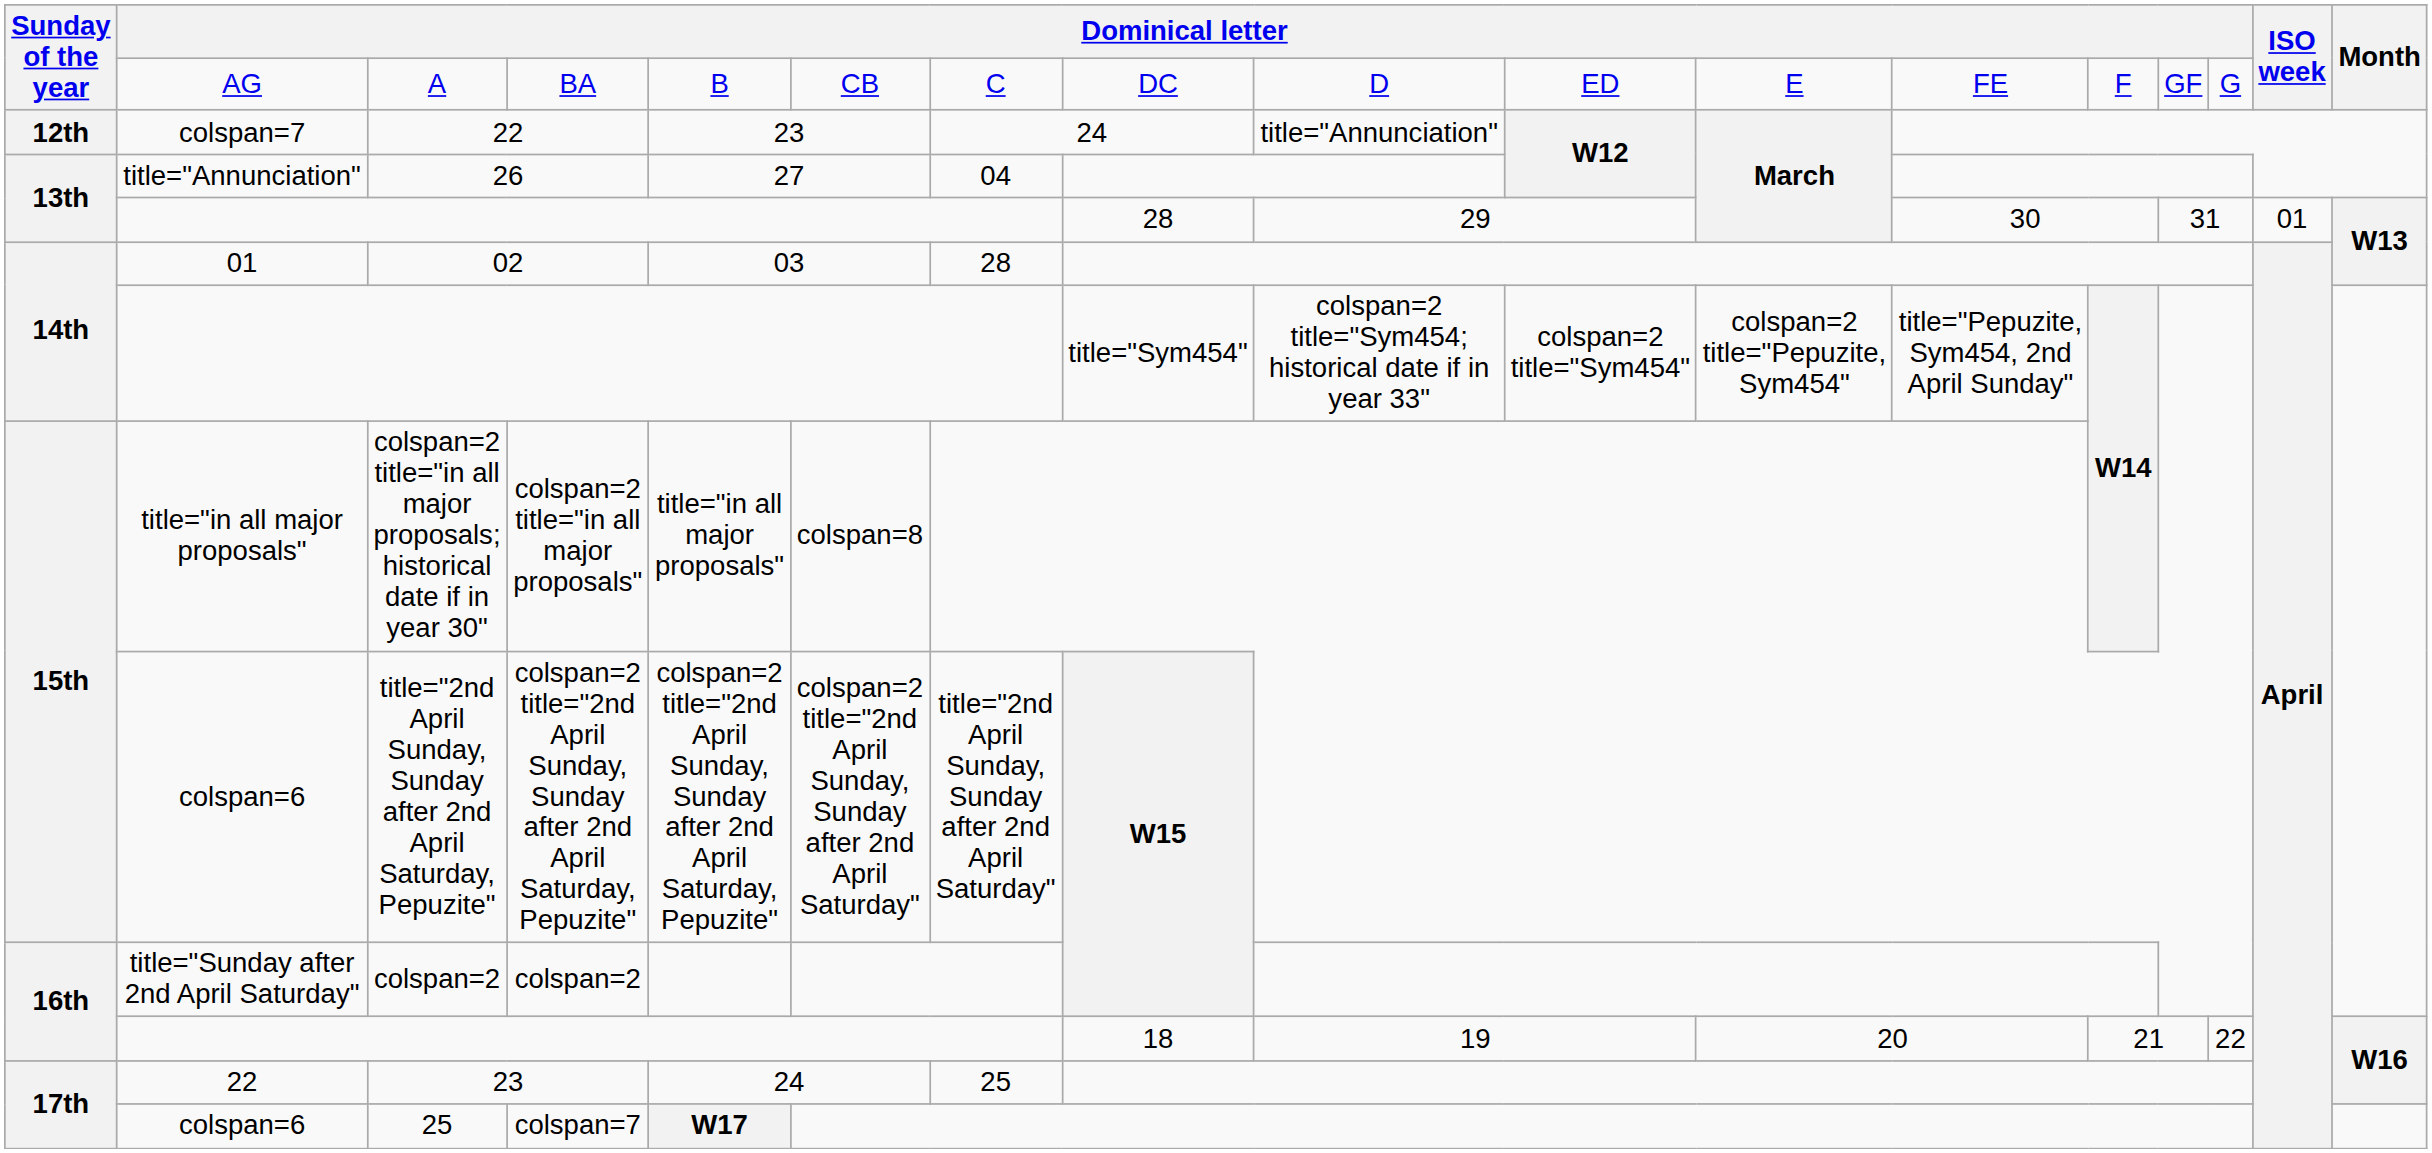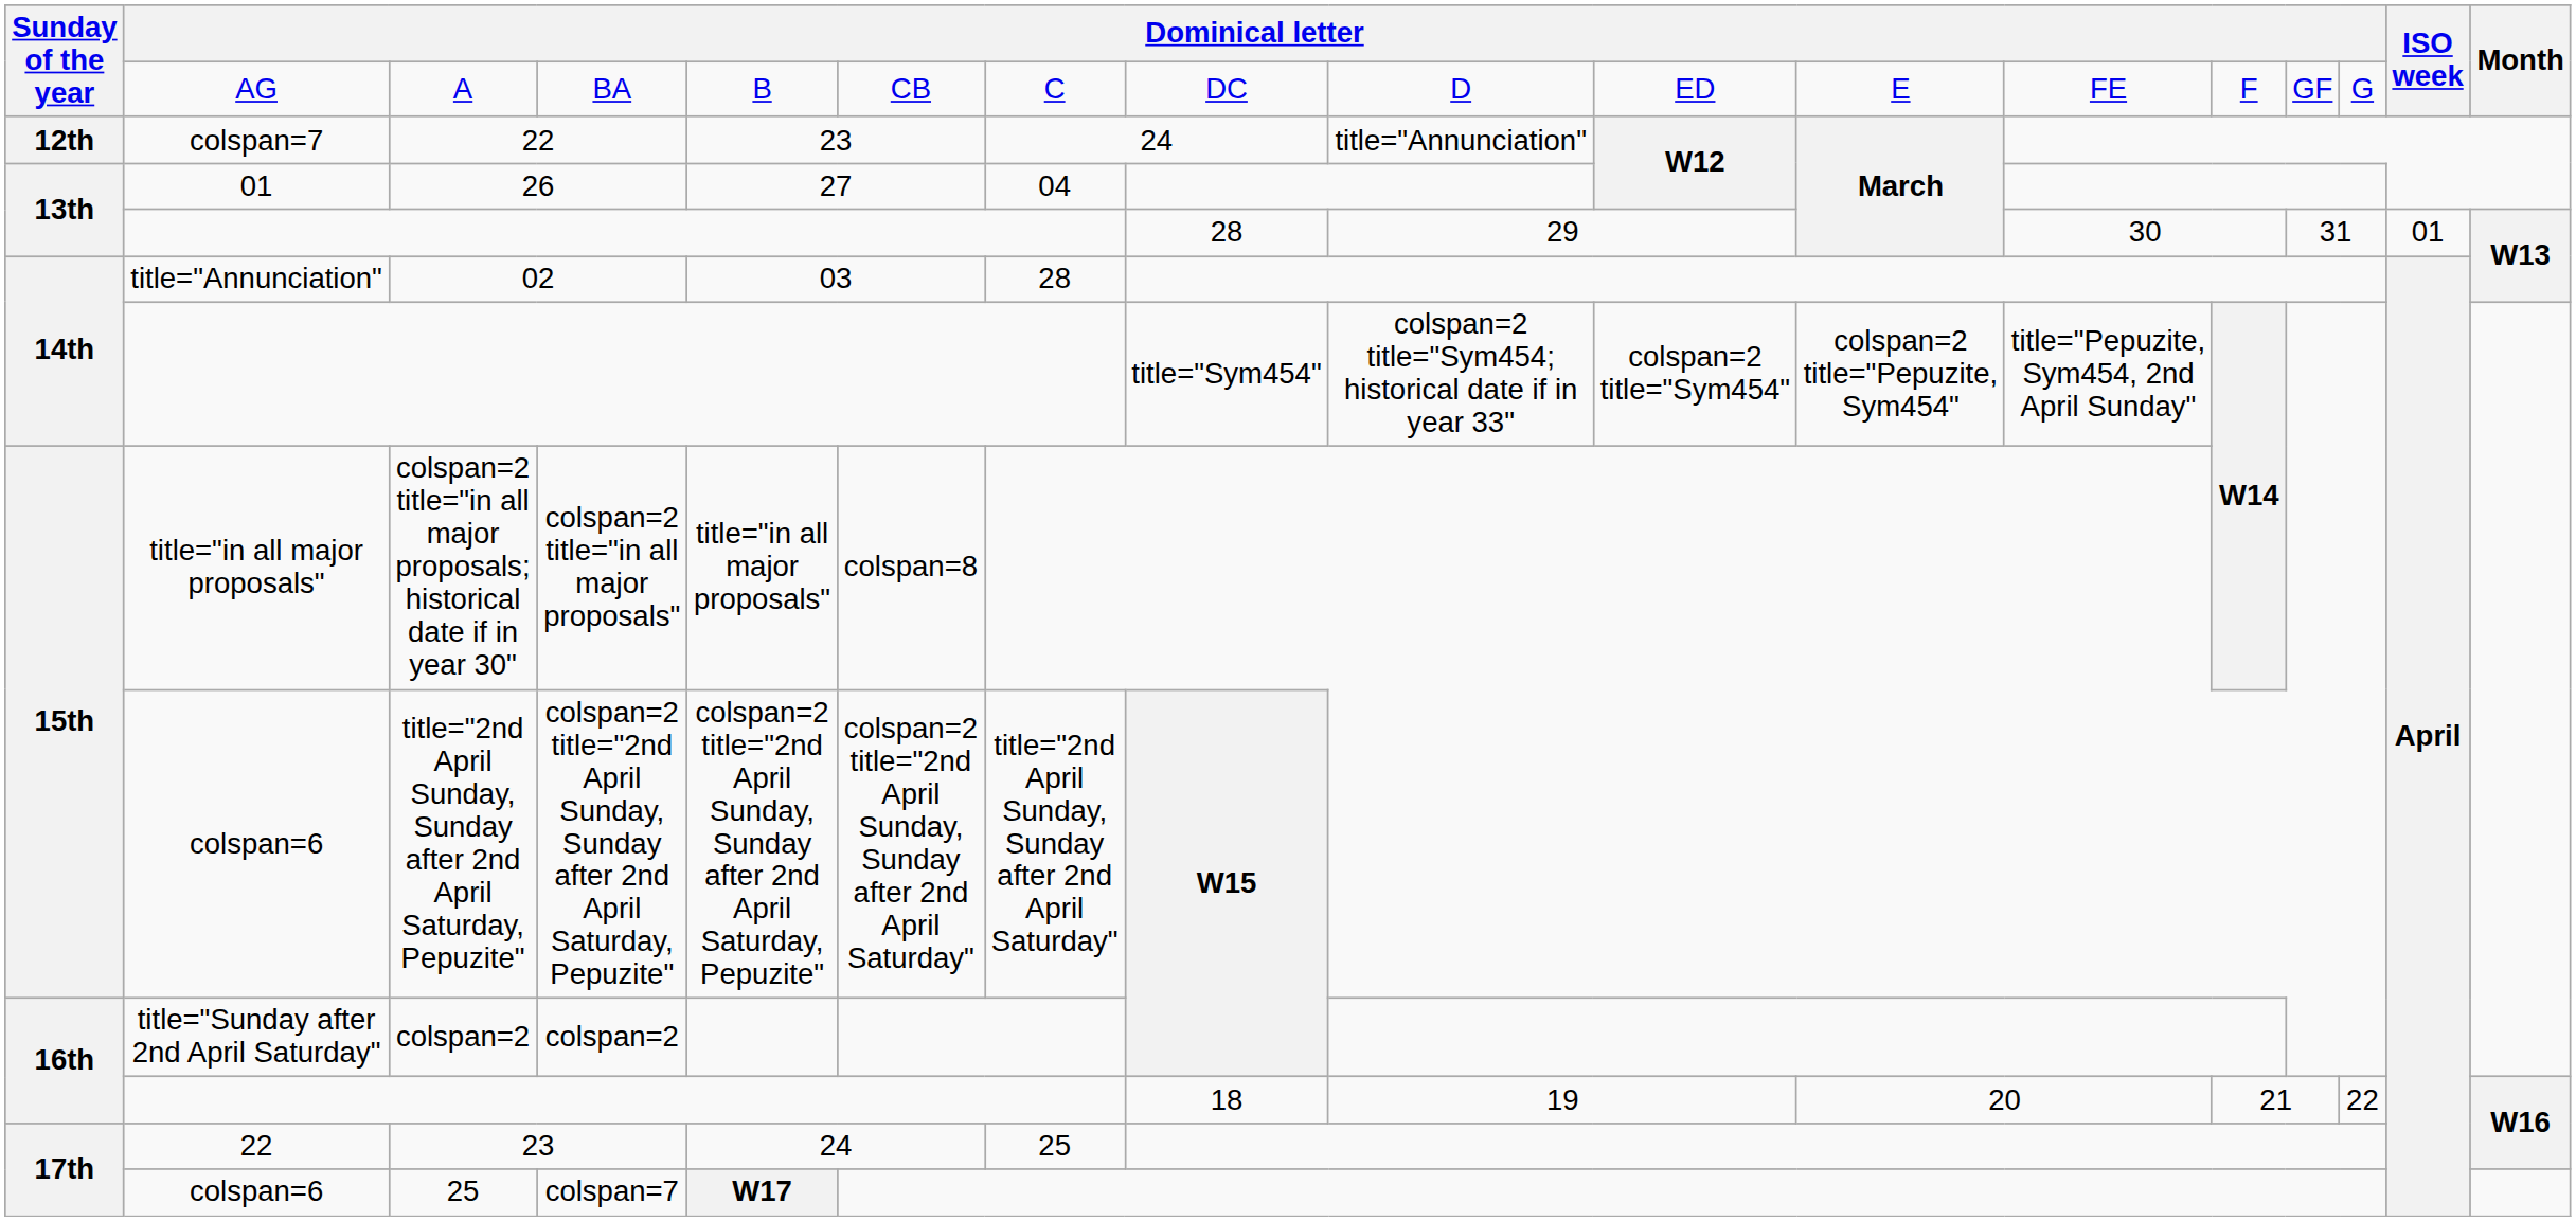 <table class="wikitable" style="text-align:center;">
 <tr>
 <th scope=col rowspan=2 style="width:10%"><a href='#'>Sunday of the year</a></th>
 <th scope=col colspan=14><a href='#'>Dominical letter</a></th>
 <th scope=col rowspan=2 style="width:10%"><a href='#'>ISO week</a></th>
 <th scope=col rowspan=2 style="width:10%">Month</th>
 </tr>
 <tr>
 <td style="width:2.5%"><a href='#'>AG</a></td>
 <td style="width:7.5%"><a href='#'>A</a></td>
 <td style="width:2.5%"><a href='#'>BA</a></td>
 <td style="width:7.5%"><a href='#'>B</a></td>
 <td style="width:2.5%"><a href='#'>CB</a></td>
 <td style="width:7.5%"><a href='#'>C</a></td>
 <td style="width:2.5%"><a href='#'>DC</a></td>
 <td style="width:7.5%"><a href='#'>D</a></td>
 <td style="width:2.5%"><a href='#'>ED</a></td>
 <td style="width:7.5%"><a href='#'>E</a></td>
 <td style="width:2.5%"><a href='#'>FE</a></td>
 <td style="width:7.5%"><a href='#'>F</a></td>
 <td style="width:2.5%"><a href='#'>GF</a></td>
 <td style="width:7.5%"><a href='#'>G</a></td>
 </tr>
 <tr>
 <th>12th</th>
 <td>colspan=7 </td>
 <td colspan=2>22</td>
 <td colspan=2>23</td>
 <td colspan=2>24</td>
 <td>title="Annunciation" </td>
 <th rowspan=2 title="Q1-W13, M03-W4">W12</th>
 <th rowspan=3 scope=rowgroup>March</th>
 </tr>
 <tr>
 <th rowspan=2>13th</th>
-<td>title="Annunciation" </td>
+<td>01</td>
 <td colspan=2>26</td>
 <td colspan=2>27</td>
 <td>04</td>
 <td colspan=8></td>
 </tr>
 <tr>
 <td colspan=6></td>
 <td>28</td>
 <td colspan=2>29</td>
 <td colspan=2>30</td>
 <td colspan=2>31</td>
 <td>01</td>
 <th rowspan=2 title="Q1-W13, M04-W1">W13</th>
 </tr>
 <tr>
 <th rowspan=2>14th</th>
-<td>01</td>
+<td>title="Annunciation" </td>
 <td colspan=2>02</td>
 <td colspan=2>03</td>
 <td>28</td>
 <td colspan=8></td>
 <th rowspan=8 scope=rowgroup>April</th>
 </tr>
 <tr>
 <td colspan=6></td>
 <td>title="Sym454" </td>
 <td>colspan=2 title="Sym454; historical date if in year 33" </td>
 <td>colspan=2 title="Sym454" </td>
 <td>colspan=2 title="Pepuzite, Sym454" </td>
 <td>title="Pepuzite, Sym454, 2nd April Sunday" </td>
 <th rowspan=2 title="Q2-W01, M04-W2">W14</th>
 </tr>
 <tr>
 <th rowspan=2>15th</th>
 <td>title="in all major proposals" </td>
 <td>colspan=2 title="in all major proposals; historical date if in year 30" </td>
 <td>colspan=2 title="in all major proposals" </td>
 <td>title="in all major proposals" </td>
 <td>colspan=8 </td>
 </tr>
 <tr>
 <td>colspan=6 </td>
 <td>title="2nd April Sunday, Sunday after 2nd April Saturday, Pepuzite" </td>
 <td>colspan=2 title="2nd April Sunday, Sunday after 2nd April Saturday, Pepuzite" </td>
 <td>colspan=2 title="2nd April Sunday, Sunday after 2nd April Saturday, Pepuzite" </td>
 <td>colspan=2 title="2nd April Sunday, Sunday after 2nd April Saturday" </td>
 <td>title="2nd April Sunday, Sunday after 2nd April Saturday" </td>
 <th rowspan=2 title="Q2-W02, M04-W3">W15</th>
 </tr>
 <tr>
 <th rowspan=2>16th</th>
 <td>title="Sunday after 2nd April Saturday" </td>
 <td>colspan=2 </td>
 <td>colspan=2 </td>
 <td></td>
 <td colspan=8></td>
 </tr>
 <tr>
 <td colspan=6></td>
 <td>18</td>
 <td colspan=2>19</td>
 <td colspan=2>20</td>
 <td colspan=2>21</td>
 <td>22</td>
 <th rowspan=2 title="Q2-W03, M04-W4">W16</th>
 </tr>
 <tr>
 <th rowspan=2>17th</th>
 <td>22</td>
 <td colspan=2>23</td>
 <td colspan=2>24</td>
 <td>25</td>
 <td colspan=8></td>
 </tr>
 <tr>
 <td>colspan=6 </td>
 <td>25</td>
 <td>colspan=7 </td>
 <th title="Q2-W04, M05-W1">W17</th>
 </tr>
 </table>
